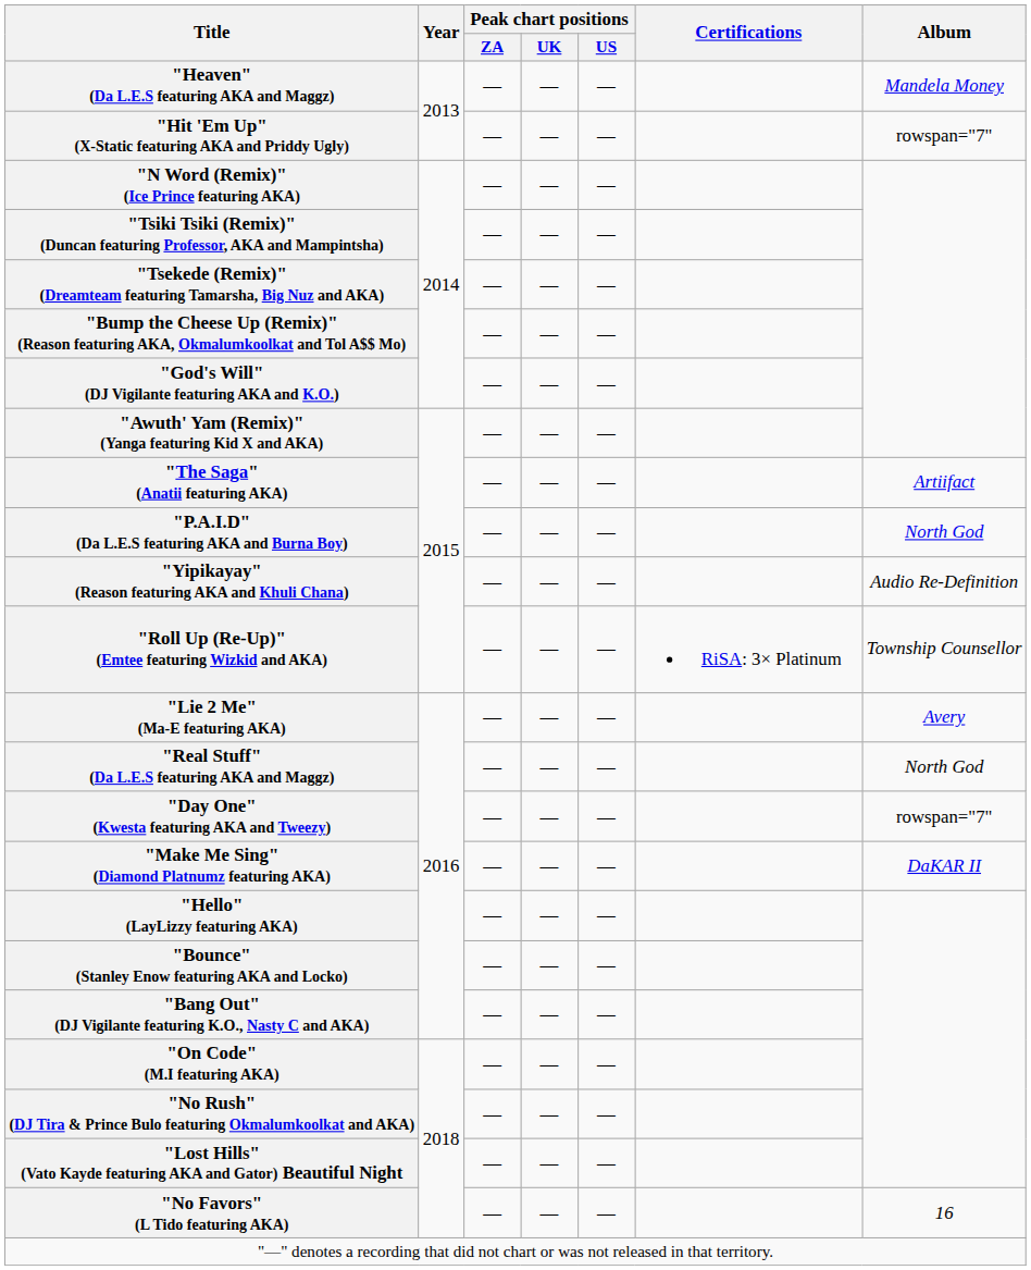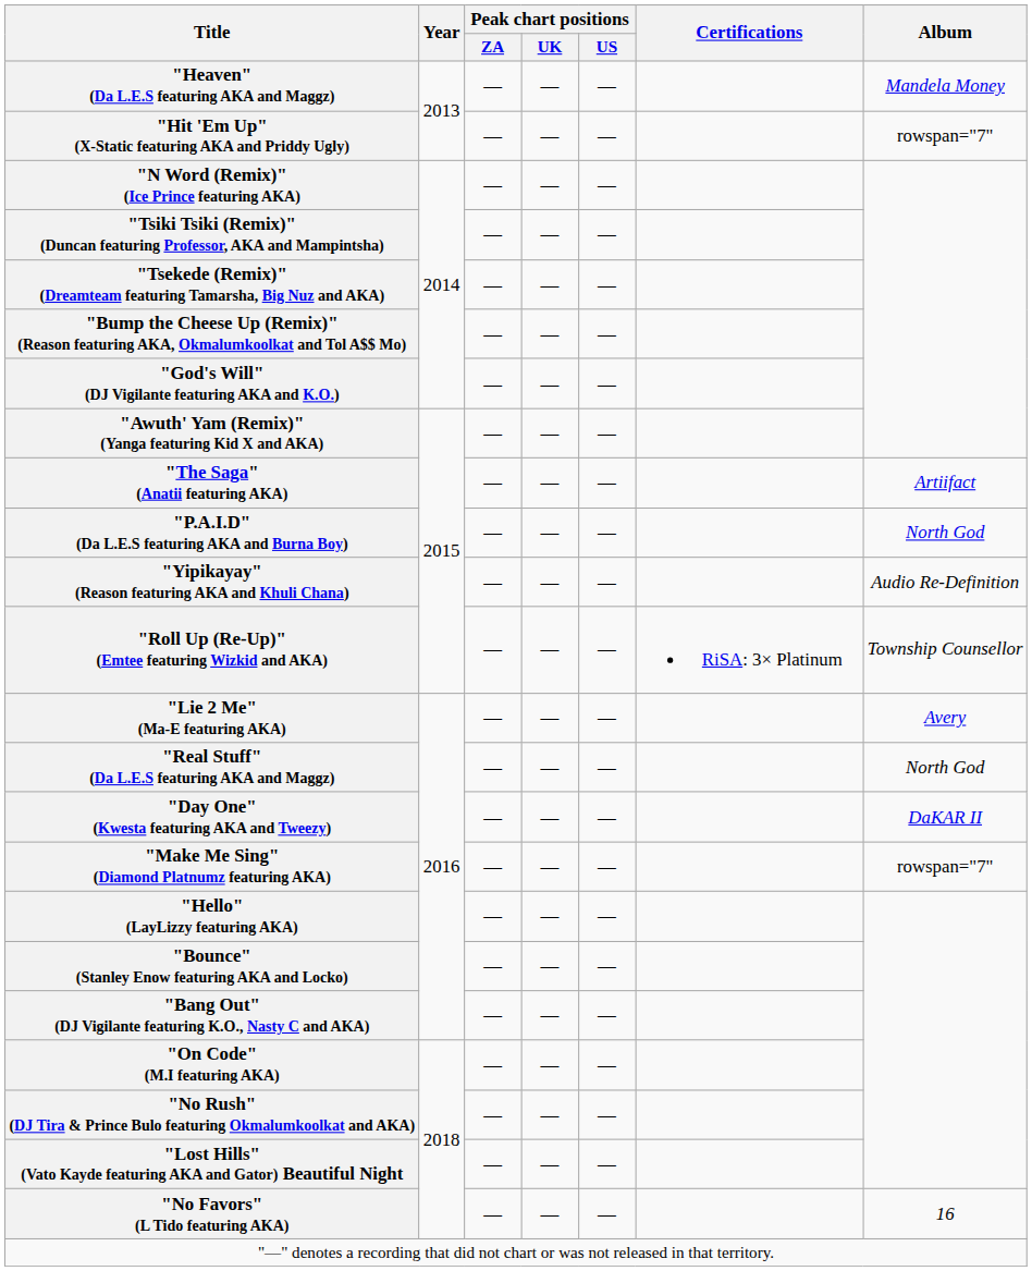 <table class="wikitable plainrowheaders" style="text-align:center;">
 <tr>
 <th scope="col" rowspan="2">Title</th>
 <th scope="col" rowspan="2">Year</th>
 <th scope="col" colspan="3">Peak chart positions</th>
 <th scope="col" rowspan="2" style="width:12em;"><a href='#'>Certifications</a></th>
 <th scope="col" rowspan="2">Album</th>
 </tr>
 <tr>
 <th scope="col" style="width:3em;font-size:90%;"><a href='#'>ZA</a><br></th>
 <th scope="col" style="width:3em;font-size:90%;"><a href='#'>UK</a><br></th>
 <th scope="col" style="width:3em;font-size:90%;"><a href='#'>US</a><br></th>
 </tr>
 <tr>
 <th scope="row">"Heaven"<br><small>(<a href='#'>Da L.E.S</a> featuring AKA and Maggz)</small></th>
 <td rowspan="2">2013</td>
 <td>—</td>
 <td>—</td>
 <td>—</td>
 <td></td>
 <td><em><a href='#'>Mandela Money</a></em></td>
 </tr>
 <tr>
 <th scope="row">"Hit 'Em Up"<br><small>(X-Static featuring AKA and Priddy Ugly)</small></th>
 <td>—</td>
 <td>—</td>
 <td>—</td>
 <td></td>
 <td>rowspan="7" </td>
 </tr>
 <tr>
 <th scope="row">"N Word (Remix)"<br><small>(<a href='#'>Ice Prince</a> featuring AKA)</small></th>
 <td rowspan="5">2014</td>
 <td>—</td>
 <td>—</td>
 <td>—</td>
 <td></td>
 </tr>
 <tr>
 <th scope="row">"Tsiki Tsiki (Remix)"<br><small>(Duncan featuring <a href='#'>Professor</a>, AKA and Mampintsha)</small></th>
 <td>—</td>
 <td>—</td>
 <td>—</td>
 <td></td>
 </tr>
 <tr>
 <th scope="row">"Tsekede (Remix)"<br><small>(<a href='#'>Dreamteam</a> featuring Tamarsha, <a href='#'>Big Nuz</a> and AKA)</small></th>
 <td>—</td>
 <td>—</td>
 <td>—</td>
 <td></td>
 </tr>
 <tr>
 <th scope="row">"Bump the Cheese Up (Remix)"<br><small>(Reason featuring AKA, <a href='#'>Okmalumkoolkat</a> and Tol A$$ Mo)</small></th>
 <td>—</td>
 <td>—</td>
 <td>—</td>
 <td></td>
 </tr>
 <tr>
 <th scope="row">"God's Will"<br><small>(DJ Vigilante featuring AKA and <a href='#'>K.O.</a>)</small></th>
 <td>—</td>
 <td>—</td>
 <td>—</td>
 <td></td>
 </tr>
 <tr>
 <th scope="row">"Awuth' Yam (Remix)"<br><small>(Yanga featuring Kid X and AKA)</small></th>
 <td rowspan="5">2015</td>
 <td>—</td>
 <td>—</td>
 <td>—</td>
 <td></td>
 </tr>
 <tr>
 <th scope="row">"<a href='#'>The Saga</a>"<br><small>(<a href='#'>Anatii</a> featuring AKA)</small></th>
 <td>—</td>
 <td>—</td>
 <td>—</td>
 <td></td>
 <td><em><a href='#'>Artiifact</a></em></td>
 </tr>
 <tr>
 <th scope="row">"P.A.I.D"<br><small>(Da L.E.S featuring AKA and <a href='#'>Burna Boy</a>)</small></th>
 <td>—</td>
 <td>—</td>
 <td>—</td>
 <td></td>
 <td><em><a href='#'>North God</a></em></td>
 </tr>
 <tr>
 <th scope="row">"Yipikayay"<br><small>(Reason featuring AKA and <a href='#'>Khuli Chana</a>)</small></th>
 <td>—</td>
 <td>—</td>
 <td>—</td>
 <td></td>
 <td><em>Audio Re-Definition</em></td>
 </tr>
 <tr>
 <th scope="row">"Roll Up (Re-Up)"<br><small>(<a href='#'>Emtee</a> featuring <a href='#'>Wizkid</a> and AKA)</small></th>
 <td>—</td>
 <td>—</td>
 <td>—</td>
 <td><br><ul><li><a href='#'>RiSA</a>: 3× Platinum</li></ul></td>
 <td><em>Township Counsellor</em></td>
 </tr>
 <tr>
 <th scope="row">"Lie 2 Me"<br><small>(Ma-E featuring AKA)</small></th>
 <td rowspan="7">2016</td>
 <td>—</td>
 <td>—</td>
 <td>—</td>
 <td></td>
 <td><em><a href='#'>Avery</a></em></td>
 </tr>
 <tr>
 <th scope="row">"Real Stuff"<br><small>(<a href='#'>Da L.E.S</a> featuring AKA and Maggz)</small></th>
 <td>—</td>
 <td>—</td>
 <td>—</td>
 <td></td>
 <td><em>North God</em></td>
 </tr>
 <tr>
 <th scope="row">"Day One"<br><small>(<a href='#'>Kwesta</a> featuring AKA and <a href='#'>Tweezy</a>)</small></th>
 <td>—</td>
 <td>—</td>
 <td>—</td>
 <td></td>
-<td>rowspan="7" </td>
+<td><em><a href='#'>DaKAR II</a></em></td>
 </tr>
 <tr>
 <th scope="row">"Make Me Sing"<br><small>(<a href='#'>Diamond Platnumz</a> featuring AKA)</small></th>
 <td>—</td>
 <td>—</td>
 <td>—</td>
 <td></td>
-<td><em><a href='#'>DaKAR II</a></em></td>
+<td>rowspan="7" </td>
 </tr>
 <tr>
 <th scope="row">"Hello"<br><small>(LayLizzy featuring AKA)</small></th>
 <td>—</td>
 <td>—</td>
 <td>—</td>
 <td></td>
 </tr>
 <tr>
 <th scope="row">"Bounce"<br><small>(Stanley Enow featuring AKA and Locko)</small></th>
 <td>—</td>
 <td>—</td>
 <td>—</td>
 <td></td>
 </tr>
 <tr>
 <th scope="row">"Bang Out"<br><small>(DJ Vigilante featuring K.O., <a href='#'>Nasty C</a> and AKA)</small></th>
 <td>—</td>
 <td>—</td>
 <td>—</td>
 <td></td>
 </tr>
 <tr>
 <th scope="row">"On Code"<br><small>(M.I featuring AKA)</small></th>
 <td rowspan="4">2018</td>
 <td>—</td>
 <td>—</td>
 <td>—</td>
 <td></td>
 </tr>
 <tr>
 <th scope="row">"No Rush"<br><small>(<a href='#'>DJ Tira</a> & Prince Bulo featuring <a href='#'>Okmalumkoolkat</a> and AKA)</small></th>
 <td>—</td>
 <td>—</td>
 <td>—</td>
 <td></td>
 </tr>
 <tr>
 <th scope="row">"Lost Hills"<br><small>(Vato Kayde featuring AKA and Gator)</small> Beautiful Night</th>
 <td>—</td>
 <td>—</td>
 <td>—</td>
 <td></td>
 </tr>
 <tr>
 <th scope="row">"No Favors"<br><small>(L Tido featuring AKA)</small></th>
 <td>—</td>
 <td>—</td>
 <td>—</td>
 <td></td>
 <td><em>16</em></td>
 </tr>
 <tr>
 <td colspan="8" style="font-size:90%">"—" denotes a recording that did not chart or was not released in that territory.</td>
 </tr>
 </table>
